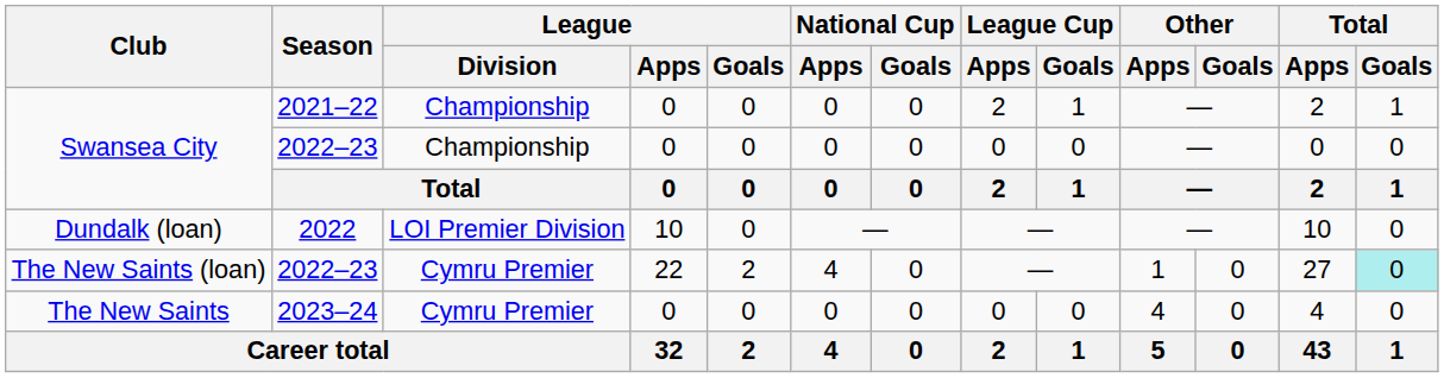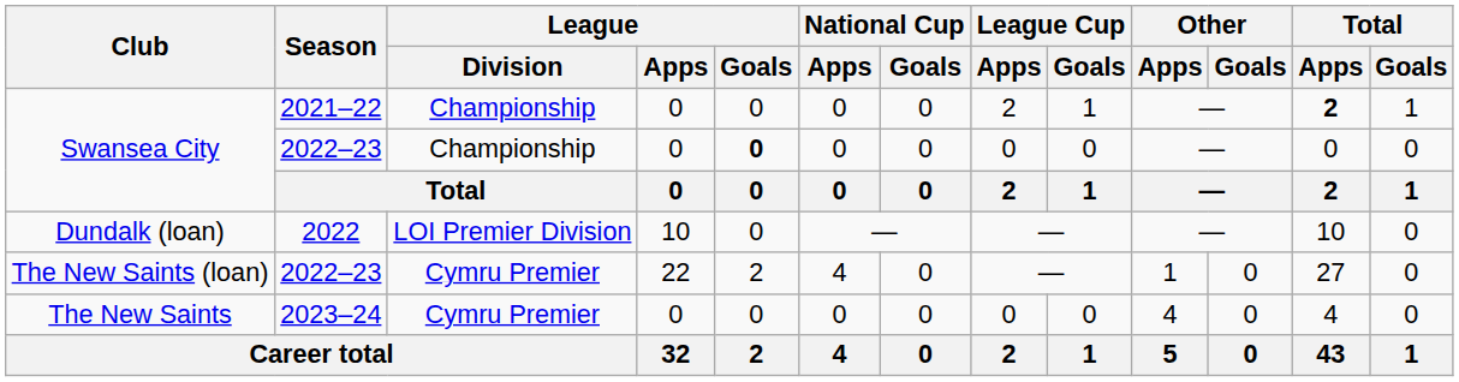 <table class=wikitable style="text-align: center">
 <tr>
 <th rowspan=2>Club</th>
 <th rowspan=2>Season</th>
 <th colspan=3>League</th>
 <th colspan=2>National Cup</th>
 <th colspan=2>League Cup</th>
 <th colspan=2>Other</th>
 <th colspan=2>Total</th>
 </tr>
 <tr>
 <th>Division</th>
 <th>Apps</th>
 <th>Goals</th>
 <th>Apps</th>
 <th>Goals</th>
 <th>Apps</th>
 <th>Goals</th>
 <th>Apps</th>
 <th>Goals</th>
 <th>Apps</th>
 <th>Goals</th>
 </tr>
 <tr>
 <td rowspan=3><a href='#'>Swansea City</a></td>
 <td><a href='#'>2021–22</a></td>
 <td><a href='#'>Championship</a></td>
 <td>0</td>
 <td>0</td>
 <td>0</td>
 <td>0</td>
 <td>2</td>
 <td>1</td>
 <td colspan=2>—</td>
-<td>2</td>
+<td><strong>2</strong></td>
 <td>1</td>
 </tr>
 <tr>
 <td><a href='#'>2022–23</a></td>
 <td>Championship</td>
 <td>0</td>
-<td>0</td>
+<td><strong>0</strong></td>
 <td>0</td>
 <td>0</td>
 <td>0</td>
 <td>0</td>
 <td colspan=2>—</td>
 <td>0</td>
 <td>0</td>
 </tr>
 <tr>
 <th colspan=2>Total</th>
 <th>0</th>
 <th>0</th>
 <th>0</th>
 <th>0</th>
 <th>2</th>
 <th>1</th>
 <th colspan=2>—</th>
 <th>2</th>
 <th>1</th>
 </tr>
 <tr>
 <td><a href='#'>Dundalk</a> (loan)</td>
 <td><a href='#'>2022</a></td>
 <td><a href='#'>LOI Premier Division</a></td>
 <td>10</td>
 <td>0</td>
 <td colspan=2>—</td>
 <td colspan=2>—</td>
 <td colspan=2>—</td>
 <td>10</td>
 <td>0</td>
 </tr>
 <tr>
 <td><a href='#'>The New Saints</a> (loan)</td>
 <td><a href='#'>2022–23</a></td>
 <td><a href='#'>Cymru Premier</a></td>
 <td>22</td>
 <td>2</td>
 <td>4</td>
 <td>0</td>
 <td colspan=2>—</td>
 <td>1</td>
 <td>0</td>
 <td>27</td>
-<td style="background: paleturquoise;">0</td>
+<td>0</td>
 </tr>
 <tr>
 <td><a href='#'>The New Saints</a></td>
 <td><a href='#'>2023–24</a></td>
 <td><a href='#'>Cymru Premier</a></td>
 <td>0</td>
 <td>0</td>
 <td>0</td>
 <td>0</td>
 <td>0</td>
 <td>0</td>
 <td>4</td>
 <td>0</td>
 <td>4</td>
 <td>0</td>
 </tr>
 <tr>
 <th colspan=3>Career total</th>
 <th>32</th>
 <th>2</th>
 <th>4</th>
 <th>0</th>
 <th>2</th>
 <th>1</th>
 <th>5</th>
 <th>0</th>
 <th>43</th>
 <th>1</th>
 </tr>
 </table>
